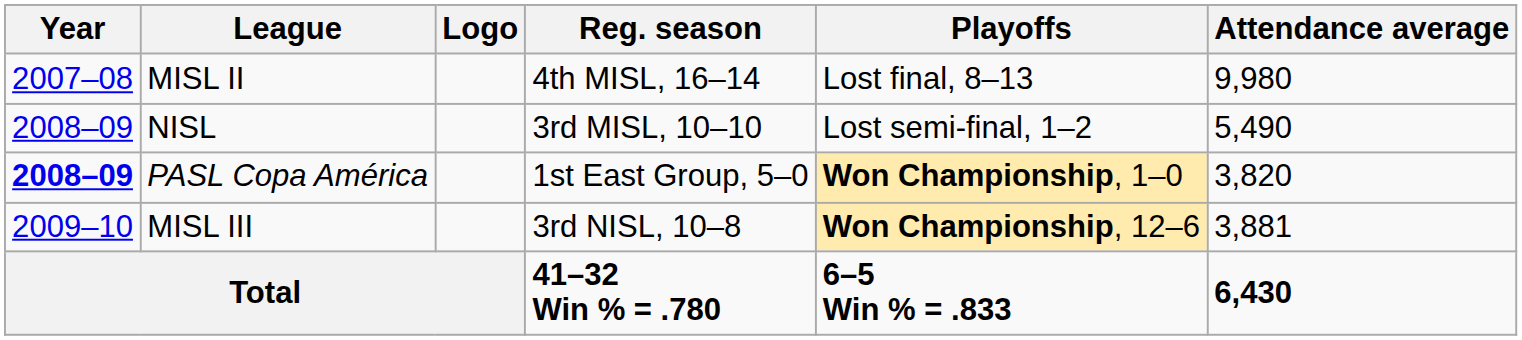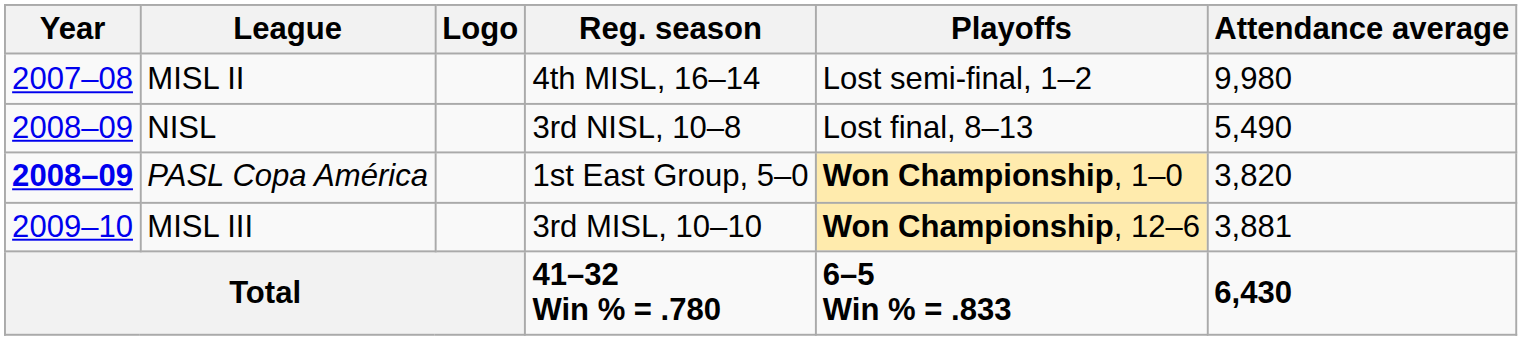 <table class="wikitable">
 <tr>
 <th>Year</th>
 <th>League</th>
 <th>Logo</th>
 <th>Reg. season</th>
 <th>Playoffs</th>
 <th>Attendance average</th>
 </tr>
 <tr>
 <td><a href='#'>2007–08</a></td>
 <td>MISL II</td>
 <td></td>
 <td>4th MISL, 16–14</td>
-<td>Lost final, 8–13</td>
+<td>Lost semi-final, 1–2</td>
 <td>9,980</td>
 </tr>
 <tr>
 <td><a href='#'>2008–09</a></td>
 <td>NISL</td>
 <td></td>
-<td>3rd MISL, 10–10</td>
-<td>Lost semi-final, 1–2</td>
+<td>3rd NISL, 10–8</td>
+<td>Lost final, 8–13</td>
 <td>5,490</td>
 </tr>
 <tr>
 <td><strong><a href='#'>2008–09</a></strong></td>
 <td><em>PASL Copa América</em></td>
 <td></td>
 <td>1st East Group,  5–0</td>
 <td bgcolor="#FFEBAD"><strong>Won Championship</strong>, 1–0</td>
 <td>3,820</td>
 </tr>
 <tr>
 <td><a href='#'>2009–10</a></td>
 <td>MISL III</td>
 <td></td>
-<td>3rd NISL, 10–8</td>
+<td>3rd MISL, 10–10</td>
 <td bgcolor="#FFEBAD"><strong>Won Championship</strong>, 12–6</td>
 <td>3,881</td>
 </tr>
 <tr>
 <th align="center" rowSpan="1" colSpan="3">Total</th>
 <td><strong>41–32</strong><br><strong>Win % = .780</strong></td>
 <td><strong>6–5</strong> <br> <strong>Win % = .833</strong></td>
 <td><strong>6,430</strong></td>
 </tr>
 </table>
